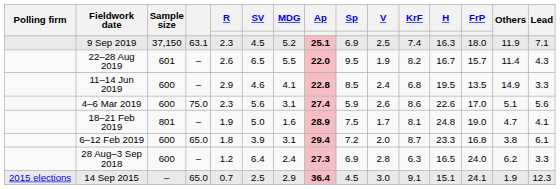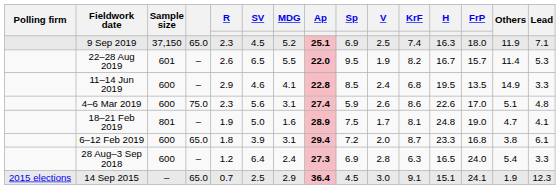 <table class="wikitable sortable" style="text-align:center;font-size:90%;line-height:14px;">
 <tr style="height:40px;">
 <th style="width:100px;" rowspan="2">Polling firm</th>
 <th style="width:100px;" rowspan="2">Fieldwork date</th>
 <th style="width:35px;" rowspan="2">Sample<br>size</th>
 <th style="width:30px;" rowspan="2"></th>
 <th class="unsortable" style="width:40px;"><a href='#'>R</a></th>
 <th class="unsortable" style="width:40px;"><a href='#'>SV</a></th>
 <th class="unsortable" style="width:40px;"><a href='#'>MDG</a></th>
 <th class="unsortable" style="width:40px;"><a href='#'>Ap</a></th>
 <th class="unsortable" style="width:40px;"><a href='#'>Sp</a></th>
 <th class="unsortable" style="width:40px;"><a href='#'>V</a></th>
 <th class="unsortable" style="width:40px;"><a href='#'>KrF</a></th>
 <th class="unsortable" style="width:40px;"><a href='#'>H</a></th>
 <th class="unsortable" style="width:40px;"><a href='#'>FrP</a></th>
 <th class="unsortable" style="width:30px;" rowspan="2">Others</th>
 <th style="width:30px;" rowspan="2">Lead</th>
 </tr>
 <tr>
 <th style="background:"></th>
 <th style="background:"></th>
 <th style="background:"></th>
 <th style="background:"></th>
 <th style="background:"></th>
 <th style="background:"></th>
 <th style="background:"></th>
 <th style="background:"></th>
 <th style="background:"></th>
 </tr>
 <tr style="background:#E9E9E9;">
 <td></td>
 <td data-sort-value="2019-09-09">9 Sep 2019</td>
 <td>37,150</td>
-<td>63.1</td>
+<td>65.0</td>
 <td>2.3</td>
 <td>4.5</td>
 <td>5.2</td>
 <td style="background:#F7BDC5;"><strong>25.1</strong></td>
 <td>6.9</td>
 <td>2.5</td>
 <td>7.4</td>
 <td>16.3</td>
 <td>18.0</td>
 <td>11.9</td>
 <td style="background:">7.1</td>
 </tr>
 <tr>
 <td></td>
 <td data-sort-value="2019-08-29">22–28 Aug 2019</td>
 <td>601</td>
 <td>–</td>
 <td>2.6</td>
 <td>6.5</td>
 <td>5.5</td>
 <td style="background:#F7BDC5;"><strong>22.0</strong></td>
 <td>9.5</td>
 <td>1.9</td>
 <td>8.2</td>
 <td>16.7</td>
 <td>15.7</td>
 <td>11.4</td>
-<td style="background:">4.3</td>
+<td style="background:">5.3</td>
 </tr>
 <tr>
 <td></td>
 <td data-sort-value="2019-06-14">11–14 Jun 2019</td>
 <td>600</td>
 <td>–</td>
 <td>2.9</td>
 <td>4.6</td>
 <td>4.1</td>
 <td style="background:#F7BDC5;"><strong>22.8</strong></td>
 <td>8.5</td>
 <td>2.4</td>
 <td>6.8</td>
 <td>19.5</td>
 <td>13.5</td>
 <td>14.9</td>
 <td style="background:">3.3</td>
 </tr>
 <tr>
 <td></td>
 <td data-sort-value="2019-03-06">4–6 Mar 2019</td>
 <td>600</td>
 <td>75.0</td>
 <td>2.3</td>
 <td>5.6</td>
 <td>3.1</td>
 <td style="background:#F7BDC5;"><strong>27.4</strong></td>
 <td>5.9</td>
 <td>2.6</td>
 <td>8.6</td>
 <td>22.6</td>
 <td>17.0</td>
 <td>5.1</td>
-<td style="background:">5.6</td>
+<td style="background:">4.8</td>
 </tr>
 <tr>
 <td></td>
 <td data-sort-value="2019-02-21">18–21 Feb 2019</td>
 <td>801</td>
 <td>–</td>
 <td>1.9</td>
 <td>5.0</td>
 <td>1.6</td>
 <td style="background:#F7BDC5;"><strong>28.9</strong></td>
 <td>7.5</td>
 <td>1.7</td>
 <td>8.1</td>
 <td>24.8</td>
 <td>19.0</td>
 <td>4.7</td>
 <td style="background:">4.1</td>
 </tr>
 <tr>
 <td></td>
 <td data-sort-value="2019-02-12">6–12 Feb 2019</td>
 <td>600</td>
 <td>65.0</td>
 <td>1.8</td>
 <td>3.9</td>
 <td>3.1</td>
 <td style="background:#F7BDC5;"><strong>29.4</strong></td>
 <td>7.2</td>
 <td>2.0</td>
 <td>8.7</td>
 <td>23.3</td>
 <td>16.8</td>
 <td>3.8</td>
 <td style="background:">6.1</td>
 </tr>
 <tr>
 <td></td>
 <td data-sort-value="2018-09-03">28 Aug–3 Sep 2018</td>
 <td>600</td>
 <td>–</td>
 <td>1.2</td>
 <td>6.4</td>
 <td>2.4</td>
 <td style="background:#F7BDC5;"><strong>27.3</strong></td>
 <td>6.9</td>
 <td>2.8</td>
 <td>6.3</td>
 <td>16.5</td>
 <td>24.0</td>
-<td>6.2</td>
+<td>5.4</td>
 <td style="background:">3.3</td>
 </tr>
 <tr style="background:#E9E9E9;">
 <td><a href='#'>2015 elections</a></td>
 <td data-sort-value="2015-09-14">14 Sep 2015</td>
 <td>–</td>
 <td>65.0</td>
 <td>0.7</td>
 <td>2.5</td>
 <td>2.9</td>
 <td style="background:#F7BDC5;"><strong>36.4</strong></td>
 <td>4.5</td>
 <td>3.0</td>
 <td>9.1</td>
 <td>15.1</td>
 <td>24.1</td>
 <td>1.9</td>
 <td style="background:">12.3</td>
 </tr>
 </table>
